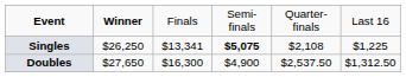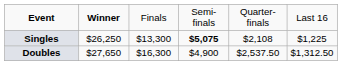 <table class=wikitable style="font-size:90%;text-align:center">
 <tr>
 <td style="width:104px;"><strong>Event</strong></td>
 <td style="width:68px;"><strong>Winner</strong></td>
 <td style="width:68px;">Finals</td>
 <td style="width:68px;">Semi-finals</td>
 <td style="width:80px;">Quarter-finals</td>
 <td style="width:68px;">Last 16</td>
 </tr>
 <tr>
 <td style="background:#dfe2e9;"><strong>Singles</strong></td>
 <td>$26,250</td>
-<td>$13,341</td>
+<td>$13,300</td>
 <td><strong>$5,075</strong></td>
 <td>$2,108</td>
 <td>$1,225</td>
 </tr>
 <tr>
 <td style="background:#dfe2e9;"><strong>Doubles</strong></td>
 <td>$27,650</td>
 <td>$16,300</td>
 <td>$4,900</td>
 <td>$2,537.50</td>
 <td>$1,312.50</td>
 </tr>
 </table>
